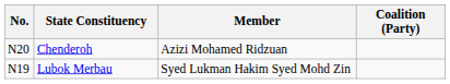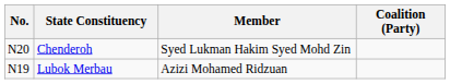 <table class="wikitable">
 <tr>
 <th width="30">No.</th>
 <th width="150">State Constituency</th>
 <th width="245">Member</th>
 <th width="105">Coalition (Party)</th>
 </tr>
 <tr>
 <td>N20</td>
 <td><a href='#'>Chenderoh</a></td>
-<td>Azizi Mohamed Ridzuan</td>
+<td>Syed Lukman Hakim Syed Mohd Zin</td>
 <td></td>
 </tr>
 <tr>
 <td>N19</td>
 <td><a href='#'>Lubok Merbau</a></td>
-<td>Syed Lukman Hakim Syed Mohd Zin</td>
+<td>Azizi Mohamed Ridzuan</td>
 <td></td>
 </tr>
 </table>
